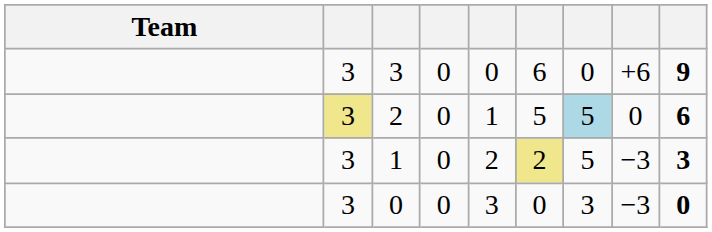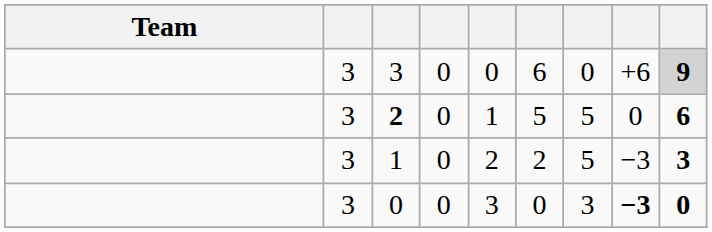 <table class="wikitable" style="text-align:center;">
 <tr>
 <th width=175>Team</th>
 <th width=20></th>
 <th width=20></th>
 <th width=20></th>
 <th width=20></th>
 <th width=20></th>
 <th width=20></th>
 <th width=20></th>
 <th width=20></th>
 </tr>
 <tr>
 <td align=left></td>
 <td>3</td>
 <td>3</td>
 <td>0</td>
 <td>0</td>
 <td>6</td>
 <td>0</td>
 <td>+6</td>
-<td><strong>9</strong></td>
+<td style="background: lightgrey;"><strong>9</strong></td>
 </tr>
 <tr>
 <td align=left></td>
-<td style="background: khaki;">3</td>
-<td>2</td>
+<td>3</td>
+<td><strong>2</strong></td>
 <td>0</td>
 <td>1</td>
 <td>5</td>
-<td style="background: lightblue;">5</td>
+<td>5</td>
 <td>0</td>
 <td><strong>6</strong></td>
 </tr>
 <tr>
 <td align=left></td>
 <td>3</td>
 <td>1</td>
 <td>0</td>
 <td>2</td>
-<td style="background: khaki;">2</td>
+<td>2</td>
 <td>5</td>
 <td>−3</td>
 <td><strong>3</strong></td>
 </tr>
 <tr>
 <td align=left></td>
 <td>3</td>
 <td>0</td>
 <td>0</td>
 <td>3</td>
 <td>0</td>
 <td>3</td>
-<td>−3</td>
+<td><strong>−3</strong></td>
 <td><strong>0</strong></td>
 </tr>
 </table>
